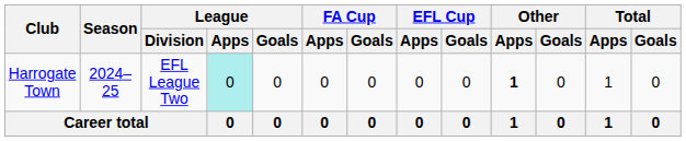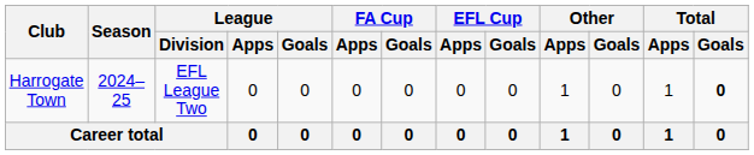 <table class="wikitable" style="text-align:center;">
 <tr>
 <th rowspan="2">Club</th>
 <th rowspan="2">Season</th>
 <th colspan="3">League</th>
 <th colspan="2"><a href='#'>FA Cup</a></th>
 <th colspan="2"><a href='#'>EFL Cup</a></th>
 <th colspan="2">Other</th>
 <th colspan="2">Total</th>
 </tr>
 <tr>
 <th>Division</th>
 <th>Apps</th>
 <th>Goals</th>
 <th>Apps</th>
 <th>Goals</th>
 <th>Apps</th>
 <th>Goals</th>
 <th>Apps</th>
 <th>Goals</th>
 <th>Apps</th>
 <th>Goals</th>
 </tr>
 <tr>
 <td><a href='#'>Harrogate Town</a></td>
 <td><a href='#'>2024–25</a></td>
 <td><a href='#'>EFL League Two</a></td>
-<td style="background: paleturquoise;">0</td>
 <td>0</td>
 <td>0</td>
 <td>0</td>
 <td>0</td>
 <td>0</td>
-<td><strong>1</strong></td>
 <td>0</td>
 <td>1</td>
 <td>0</td>
+<td>1</td>
+<td><strong>0</strong></td>
 </tr>
 <tr>
 <th colspan="3">Career total</th>
 <th>0</th>
 <th>0</th>
 <th>0</th>
 <th>0</th>
 <th>0</th>
 <th>0</th>
 <th>1</th>
 <th>0</th>
 <th>1</th>
 <th>0</th>
 </tr>
 </table>
